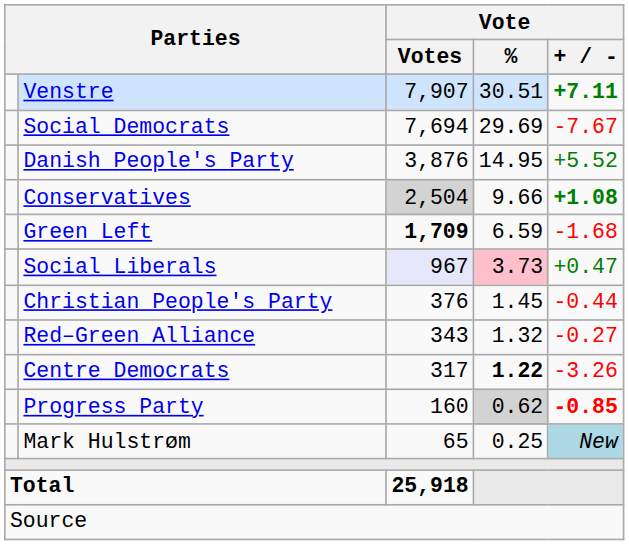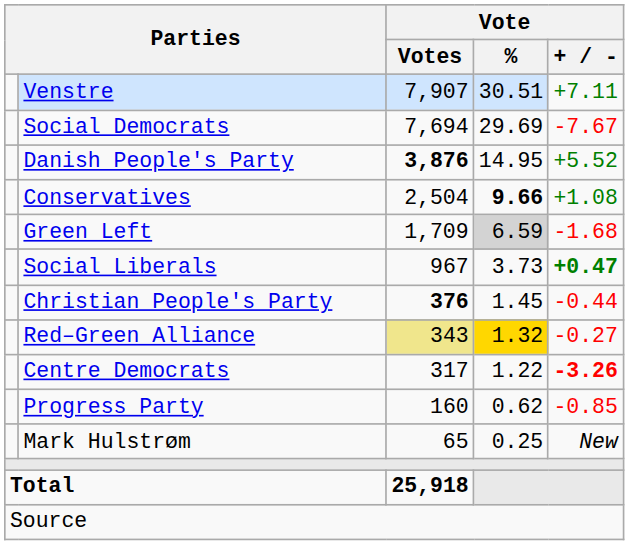 <table class="wikitable" style="text-align:right;">
 <tr>
 <th style="text-align:centre;" rowspan="2" colspan="2" width="225">Parties</th>
 <th colspan="3">Vote</th>
 </tr>
 <tr>
 <th width="15">Votes</th>
 <th width="15">%</th>
 <th width="15">+ / -</th>
 </tr>
 <tr>
 <td width="2" style="color:inherit;background:"></td>
 <td bgcolor=#cfe5fe  align="left"><a href='#'>Venstre</a></td>
 <td bgcolor=#cfe5fe>7,907</td>
 <td bgcolor=#cfe5fe>30.51</td>
-<td style=color:green;><strong>+7.11</strong></td>
+<td style=color:green;>+7.11</td>
 </tr>
 <tr>
 <td width="2" style="color:inherit;background:"></td>
 <td align="left"><a href='#'>Social Democrats</a></td>
 <td>7,694</td>
 <td>29.69</td>
 <td style=color:red;>-7.67</td>
 </tr>
 <tr>
 <td width="2" style="color:inherit;background:"></td>
 <td align="left"><a href='#'>Danish People's Party</a></td>
-<td>3,876</td>
+<td><strong>3,876</strong></td>
 <td>14.95</td>
 <td style=color:green;>+5.52</td>
 </tr>
 <tr>
 <td width="2" style="color:inherit;background:"></td>
 <td align="left"><a href='#'>Conservatives</a></td>
-<td style="background: lightgrey;">2,504</td>
-<td>9.66</td>
-<td style=color:green;><strong>+1.08</strong></td>
+<td>2,504</td>
+<td><strong>9.66</strong></td>
+<td style=color:green;>+1.08</td>
 </tr>
 <tr>
 <td width="2" style="color:inherit;background:"></td>
 <td align="left"><a href='#'>Green Left</a></td>
-<td><strong>1,709</strong></td>
-<td>6.59</td>
+<td>1,709</td>
+<td style="background: lightgrey;">6.59</td>
 <td style=color:red;>-1.68</td>
 </tr>
 <tr>
 <td width="2" style="color:inherit;background:"></td>
 <td align="left"><a href='#'>Social Liberals</a></td>
-<td style="background: lavender;">967</td>
-<td style="background: pink;">3.73</td>
-<td style=color:green;>+0.47</td>
+<td>967</td>
+<td>3.73</td>
+<td style=color:green;><strong>+0.47</strong></td>
 </tr>
 <tr>
 <td width="2" style="color:inherit;background:"></td>
 <td align="left"><a href='#'>Christian People's Party</a></td>
-<td>376</td>
+<td><strong>376</strong></td>
 <td>1.45</td>
 <td style=color:red;>-0.44</td>
 </tr>
 <tr>
 <td width="2" style="color:inherit;background:"></td>
 <td align="left"><a href='#'>Red–Green Alliance</a></td>
-<td>343</td>
-<td>1.32</td>
+<td style="background: khaki;">343</td>
+<td style="background: gold;">1.32</td>
 <td style=color:red;>-0.27</td>
 </tr>
 <tr>
 <td width="2" style="color:inherit;background:"></td>
 <td align="left"><a href='#'>Centre Democrats</a></td>
 <td>317</td>
-<td><strong>1.22</strong></td>
-<td style=color:red;>-3.26</td>
+<td>1.22</td>
+<td style=color:red;><strong>-3.26</strong></td>
 </tr>
 <tr>
 <td width="2" style="color:inherit;background:"></td>
 <td align="left"><a href='#'>Progress Party</a></td>
 <td>160</td>
-<td style="background: lightgrey;">0.62</td>
-<td style=color:red;><strong>-0.85</strong></td>
+<td>0.62</td>
+<td style=color:red;>-0.85</td>
 </tr>
 <tr>
 <td width="2" style="color:inherit;background:"></td>
 <td align="left">Mark Hulstrøm</td>
 <td>65</td>
 <td>0.25</td>
-<td style="background: lightblue;"><em>New</em></td>
+<td><em>New</em></td>
 </tr>
 <tr>
 <td colspan="7" bgcolor="#E9E9E9"></td>
 </tr>
 <tr>
 <td align="left" colspan="2"><strong>Total</strong></td>
 <td><strong>25,918</strong></td>
 <td bgcolor="#E9E9E9" colspan="2"></td>
 </tr>
 <tr>
 <td align="left" colspan="6">Source</td>
 </tr>
 </table>
